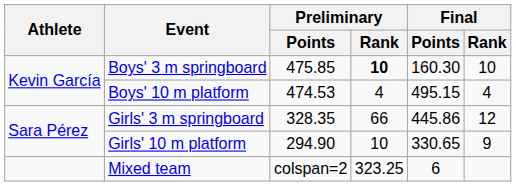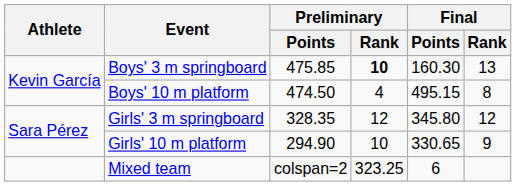 <table class="wikitable" style="font-size:90%;">
 <tr>
 <th rowspan=2>Athlete</th>
 <th rowspan=2>Event</th>
 <th colspan=2>Preliminary</th>
 <th colspan=2>Final</th>
 </tr>
 <tr>
 <th>Points</th>
 <th>Rank</th>
 <th>Points</th>
 <th>Rank</th>
 </tr>
 <tr align=center>
 <td align=left rowspan=2><a href='#'>Kevin García</a></td>
 <td align=left><a href='#'>Boys' 3 m springboard</a></td>
 <td>475.85</td>
 <td><strong>10</strong></td>
 <td>160.30</td>
-<td>10</td>
+<td>13</td>
 </tr>
 <tr align=center>
 <td align=left><a href='#'>Boys' 10 m platform</a></td>
-<td>474.53</td>
+<td>474.50</td>
 <td>4</td>
 <td>495.15</td>
-<td>4</td>
+<td>8</td>
 </tr>
 <tr align=center>
 <td align=left rowspan=2><a href='#'>Sara Pérez</a></td>
 <td align=left><a href='#'>Girls' 3 m springboard</a></td>
 <td>328.35</td>
-<td>66</td>
-<td>445.86</td>
+<td>12</td>
+<td>345.80</td>
 <td>12</td>
 </tr>
 <tr align=center>
 <td align=left><a href='#'>Girls' 10 m platform</a></td>
 <td>294.90</td>
 <td>10</td>
 <td>330.65</td>
 <td>9</td>
 </tr>
 <tr align=center>
 <td align=left><br></td>
 <td align=left><a href='#'>Mixed team</a></td>
 <td>colspan=2 </td>
 <td>323.25</td>
 <td>6</td>
 </tr>
 </table>
